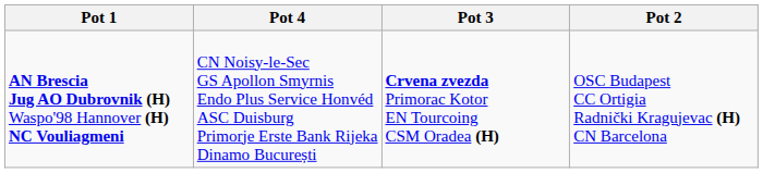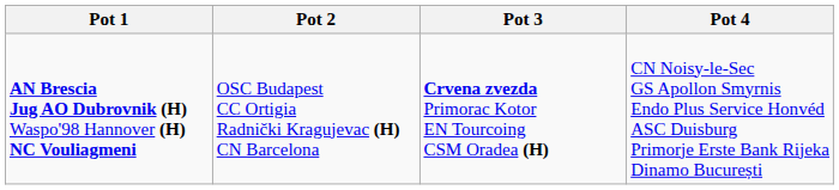 <table class="wikitable collapsible">
 <tr>
 <th width=25%>Pot 1</th>
+<th width=25%>Pot 2</th>
+<th width=25%>Pot 3</th>
 <th width=25%>Pot 4</th>
-<th width=25%>Pot 3</th>
-<th width=25%>Pot 2</th>
 </tr>
 <tr>
 <td><br> <strong><a href='#'>AN Brescia</a></strong><br>  <strong><a href='#'>Jug AO Dubrovnik</a></strong> <strong>(H)</strong><br>  <a href='#'>Waspo'98 Hannover</a> <strong>(H)</strong><br>  <strong><a href='#'>NC Vouliagmeni</a></strong></td>
+<td><br> <a href='#'>OSC Budapest</a><br>  <a href='#'>CC Ortigia</a><br>  <a href='#'>Radnički Kragujevac</a> <strong>(H)</strong><br>  <a href='#'>CN Barcelona</a></td>
+<td><br> <strong><a href='#'>Crvena zvezda</a></strong><br>  <a href='#'>Primorac Kotor</a><br>  <a href='#'>EN Tourcoing</a><br>  <a href='#'>CSM Oradea</a> <strong>(H)</strong></td>
 <td><br> <a href='#'>CN Noisy-le-Sec</a><br>  <a href='#'>GS Apollon Smyrnis</a><br>  <a href='#'>Endo Plus Service Honvéd</a><br>  <a href='#'>ASC Duisburg</a><br>  <a href='#'>Primorje Erste Bank Rijeka</a><br>  <a href='#'>Dinamo București</a></td>
-<td><br> <strong><a href='#'>Crvena zvezda</a></strong><br>  <a href='#'>Primorac Kotor</a><br>  <a href='#'>EN Tourcoing</a><br>  <a href='#'>CSM Oradea</a> <strong>(H)</strong></td>
-<td><br> <a href='#'>OSC Budapest</a><br>  <a href='#'>CC Ortigia</a><br>  <a href='#'>Radnički Kragujevac</a> <strong>(H)</strong><br>  <a href='#'>CN Barcelona</a></td>
 </tr>
 </table>
